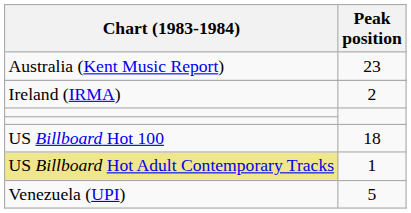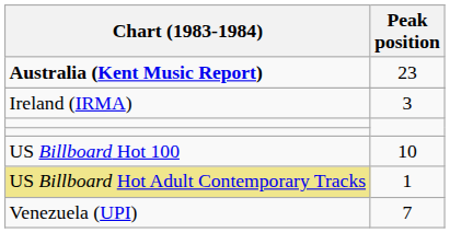 <table class="wikitable sortable">
 <tr>
 <th>Chart (1983-1984)</th>
 <th>Peak<br>position</th>
 </tr>
 <tr>
-<td>Australia (<a href='#'>Kent Music Report</a>)</td>
+<td><strong>Australia (<a href='#'>Kent Music Report</a>)</strong></td>
 <td style="text-align:center;">23</td>
 </tr>
 <tr>
 </tr>
 <tr>
 <td>Ireland (<a href='#'>IRMA</a>)</td>
-<td style="text-align:center;">2</td>
+<td style="text-align:center;">3</td>
 </tr>
 <tr>
 <td></td>
 </tr>
 <tr>
 <td></td>
 </tr>
 <tr>
 <td>US <a href='#'><em>Billboard</em> Hot 100</a></td>
-<td style="text-align:center;">18</td>
+<td style="text-align:center;">10</td>
 </tr>
 <tr>
 <td style="background: khaki;">US <em>Billboard</em> <a href='#'>Hot Adult Contemporary Tracks</a></td>
 <td style="text-align:center;">1</td>
 </tr>
 <tr>
 <td>Venezuela (<a href='#'>UPI</a>)</td>
-<td align="center">5</td>
+<td align="center">7</td>
 </tr>
 </table>
